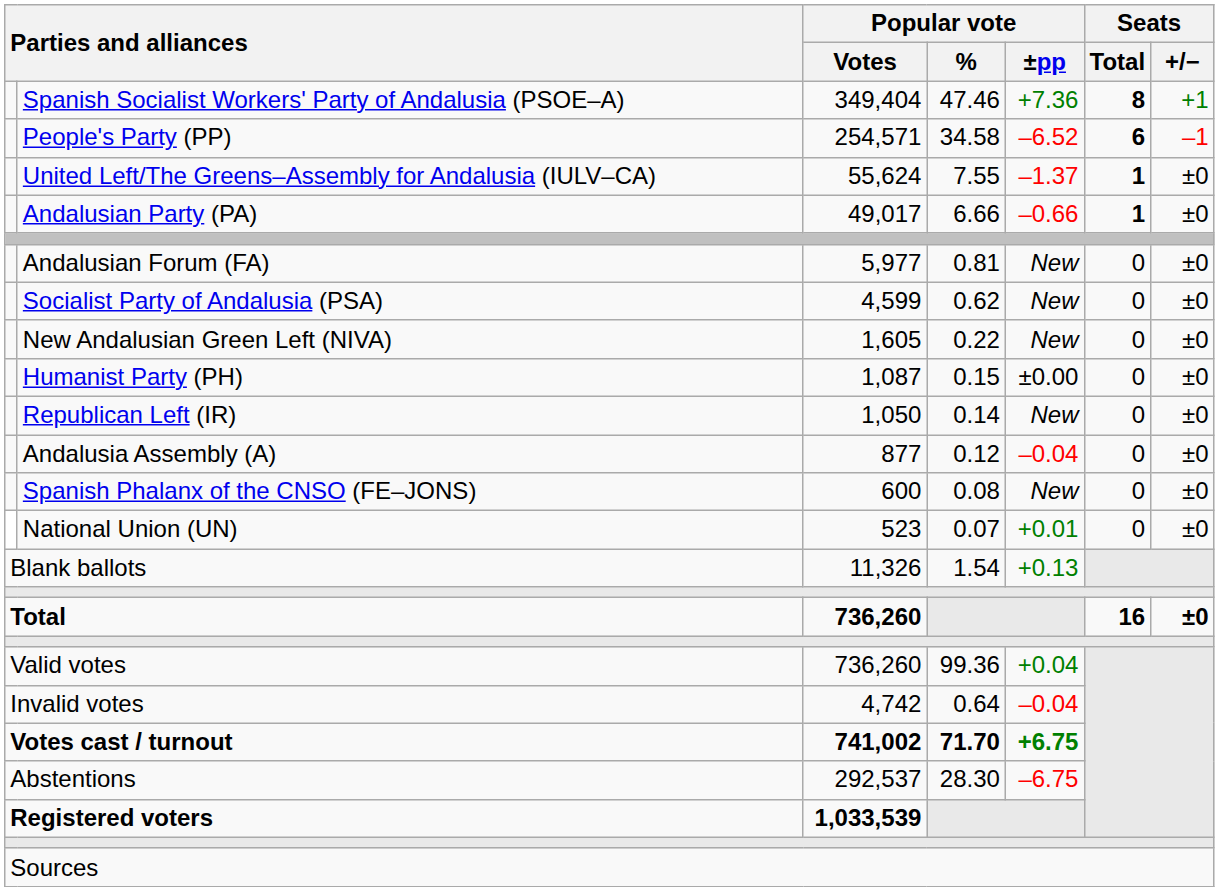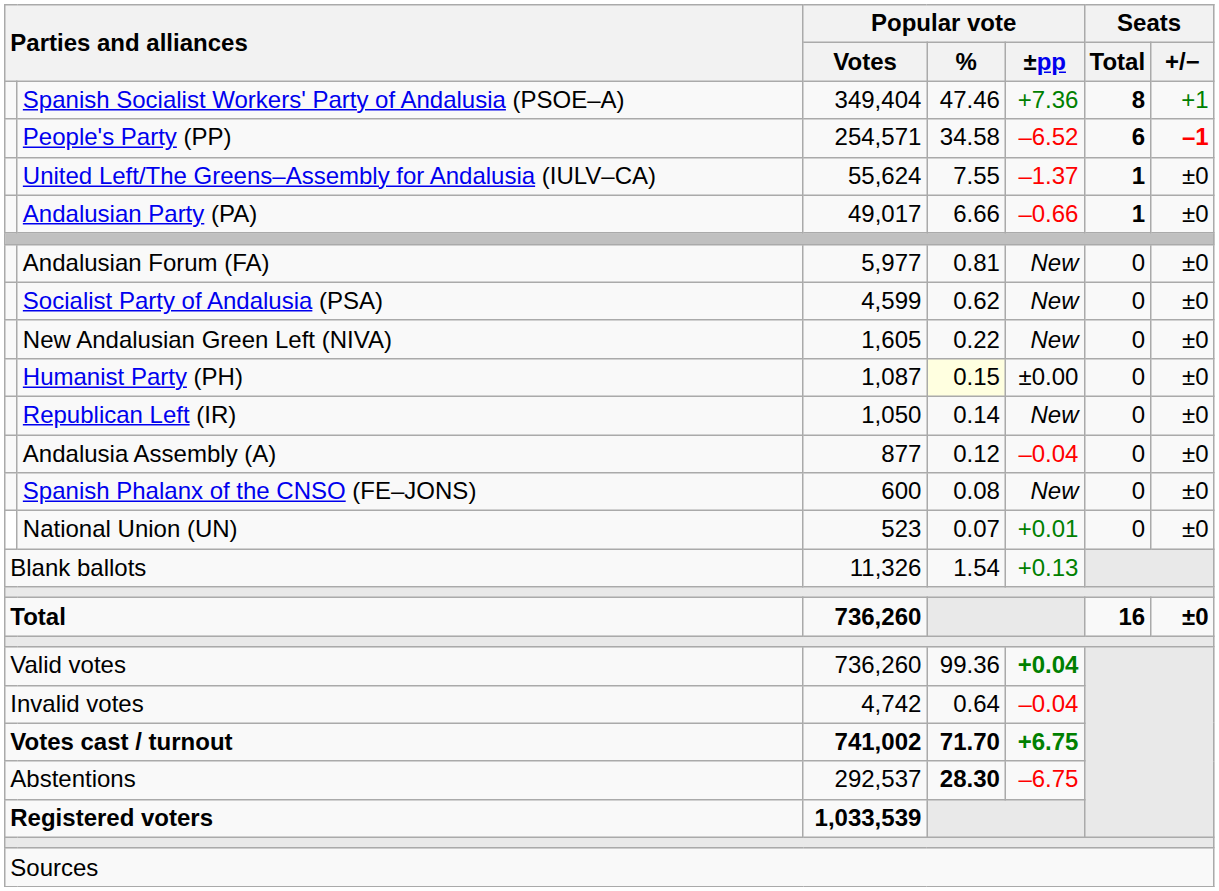 <table class="wikitable" style="text-align:right;">
 <tr>
 <th style="text-align:left;" rowspan="2" colspan="2" width="525">Parties and alliances</th>
 <th colspan="3">Popular vote</th>
 <th colspan="2">Seats</th>
 </tr>
 <tr>
 <th width="75">Votes</th>
 <th width="45">%</th>
 <th width="45">±<a href='#'>pp</a></th>
 <th width="35">Total</th>
 <th width="35">+/−</th>
 </tr>
 <tr>
 <td width="1" style="color:inherit;background:"></td>
 <td align="left"><a href='#'>Spanish Socialist Workers' Party of Andalusia</a> (PSOE–A)</td>
 <td>349,404</td>
 <td>47.46</td>
 <td style="color:green;">+7.36</td>
 <td><strong>8</strong></td>
 <td style="color:green;">+1</td>
 </tr>
 <tr>
 <td style="color:inherit;background:"></td>
 <td align="left"><a href='#'>People's Party</a> (PP)</td>
 <td>254,571</td>
 <td>34.58</td>
 <td style="color:red;">–6.52</td>
 <td><strong>6</strong></td>
-<td style="color:red;">–1</td>
+<td style="color:red;"><strong>–1</strong></td>
 </tr>
 <tr>
 <td style="color:inherit;background:"></td>
 <td align="left"><a href='#'>United Left/The Greens–Assembly for Andalusia</a> (IULV–CA)</td>
 <td>55,624</td>
 <td>7.55</td>
 <td style="color:red;">–1.37</td>
 <td><strong>1</strong></td>
 <td>±0</td>
 </tr>
 <tr>
 <td style="color:inherit;background:"></td>
 <td align="left"><a href='#'>Andalusian Party</a> (PA)</td>
 <td>49,017</td>
 <td>6.66</td>
 <td style="color:red;">–0.66</td>
 <td><strong>1</strong></td>
 <td>±0</td>
 </tr>
 <tr>
 <td colspan="7" bgcolor="#C0C0C0"></td>
 </tr>
 <tr>
 <td style="color:inherit;background:"></td>
 <td align="left">Andalusian Forum (FA)</td>
 <td>5,977</td>
 <td>0.81</td>
 <td><em>New</em></td>
 <td>0</td>
 <td>±0</td>
 </tr>
 <tr>
 <td style="color:inherit;background:"></td>
 <td align="left"><a href='#'>Socialist Party of Andalusia</a> (PSA)</td>
 <td>4,599</td>
 <td>0.62</td>
 <td><em>New</em></td>
 <td>0</td>
 <td>±0</td>
 </tr>
 <tr>
 <td style="color:inherit;background:"></td>
 <td align="left">New Andalusian Green Left (NIVA)</td>
 <td>1,605</td>
 <td>0.22</td>
 <td><em>New</em></td>
 <td>0</td>
 <td>±0</td>
 </tr>
 <tr>
 <td style="color:inherit;background:"></td>
 <td align="left"><a href='#'>Humanist Party</a> (PH)</td>
 <td>1,087</td>
-<td>0.15</td>
+<td style="background: lightyellow;">0.15</td>
 <td>±0.00</td>
 <td>0</td>
 <td>±0</td>
 </tr>
 <tr>
 <td style="color:inherit;background:"></td>
 <td align="left"><a href='#'>Republican Left</a> (IR)</td>
 <td>1,050</td>
 <td>0.14</td>
 <td><em>New</em></td>
 <td>0</td>
 <td>±0</td>
 </tr>
 <tr>
 <td style="color:inherit;background:"></td>
 <td align="left">Andalusia Assembly (A)</td>
 <td>877</td>
 <td>0.12</td>
 <td style="color:red;">–0.04</td>
 <td>0</td>
 <td>±0</td>
 </tr>
 <tr>
 <td style="color:inherit;background:"></td>
 <td align="left"><a href='#'>Spanish Phalanx of the CNSO</a> (FE–JONS)</td>
 <td>600</td>
 <td>0.08</td>
 <td><em>New</em></td>
 <td>0</td>
 <td>±0</td>
 </tr>
 <tr>
 <td bgcolor="white"></td>
 <td align="left">National Union (UN)</td>
 <td>523</td>
 <td>0.07</td>
 <td style="color:green;">+0.01</td>
 <td>0</td>
 <td>±0</td>
 </tr>
 <tr>
 <td align="left" colspan="2">Blank ballots</td>
 <td>11,326</td>
 <td>1.54</td>
 <td style="color:green;">+0.13</td>
 <td bgcolor="#E9E9E9" colspan="2"></td>
 </tr>
 <tr>
 <td colspan="7" bgcolor="#E9E9E9"></td>
 </tr>
 <tr style="font-weight:bold;">
 <td align="left" colspan="2">Total</td>
 <td>736,260</td>
 <td bgcolor="#E9E9E9" colspan="2"></td>
 <td>16</td>
 <td>±0</td>
 </tr>
 <tr>
 <td colspan="7" bgcolor="#E9E9E9"></td>
 </tr>
 <tr>
 <td align="left" colspan="2">Valid votes</td>
 <td>736,260</td>
 <td>99.36</td>
-<td style="color:green;">+0.04</td>
+<td style="color:green;"><strong>+0.04</strong></td>
 <td bgcolor="#E9E9E9" colspan="2" rowspan="5"></td>
 </tr>
 <tr>
 <td align="left" colspan="2">Invalid votes</td>
 <td>4,742</td>
 <td>0.64</td>
 <td style="color:red;">–0.04</td>
 </tr>
 <tr style="font-weight:bold;">
 <td align="left" colspan="2">Votes cast / turnout</td>
 <td>741,002</td>
 <td>71.70</td>
 <td style="color:green;">+6.75</td>
 </tr>
 <tr>
 <td align="left" colspan="2">Abstentions</td>
 <td>292,537</td>
-<td>28.30</td>
+<td><strong>28.30</strong></td>
 <td style="color:red;">–6.75</td>
 </tr>
 <tr style="font-weight:bold;">
 <td align="left" colspan="2">Registered voters</td>
 <td>1,033,539</td>
 <td bgcolor="#E9E9E9" colspan="2"></td>
 </tr>
 <tr>
 <td colspan="7" bgcolor="#E9E9E9"></td>
 </tr>
 <tr>
 <td align="left" colspan="7">Sources</td>
 </tr>
 </table>
